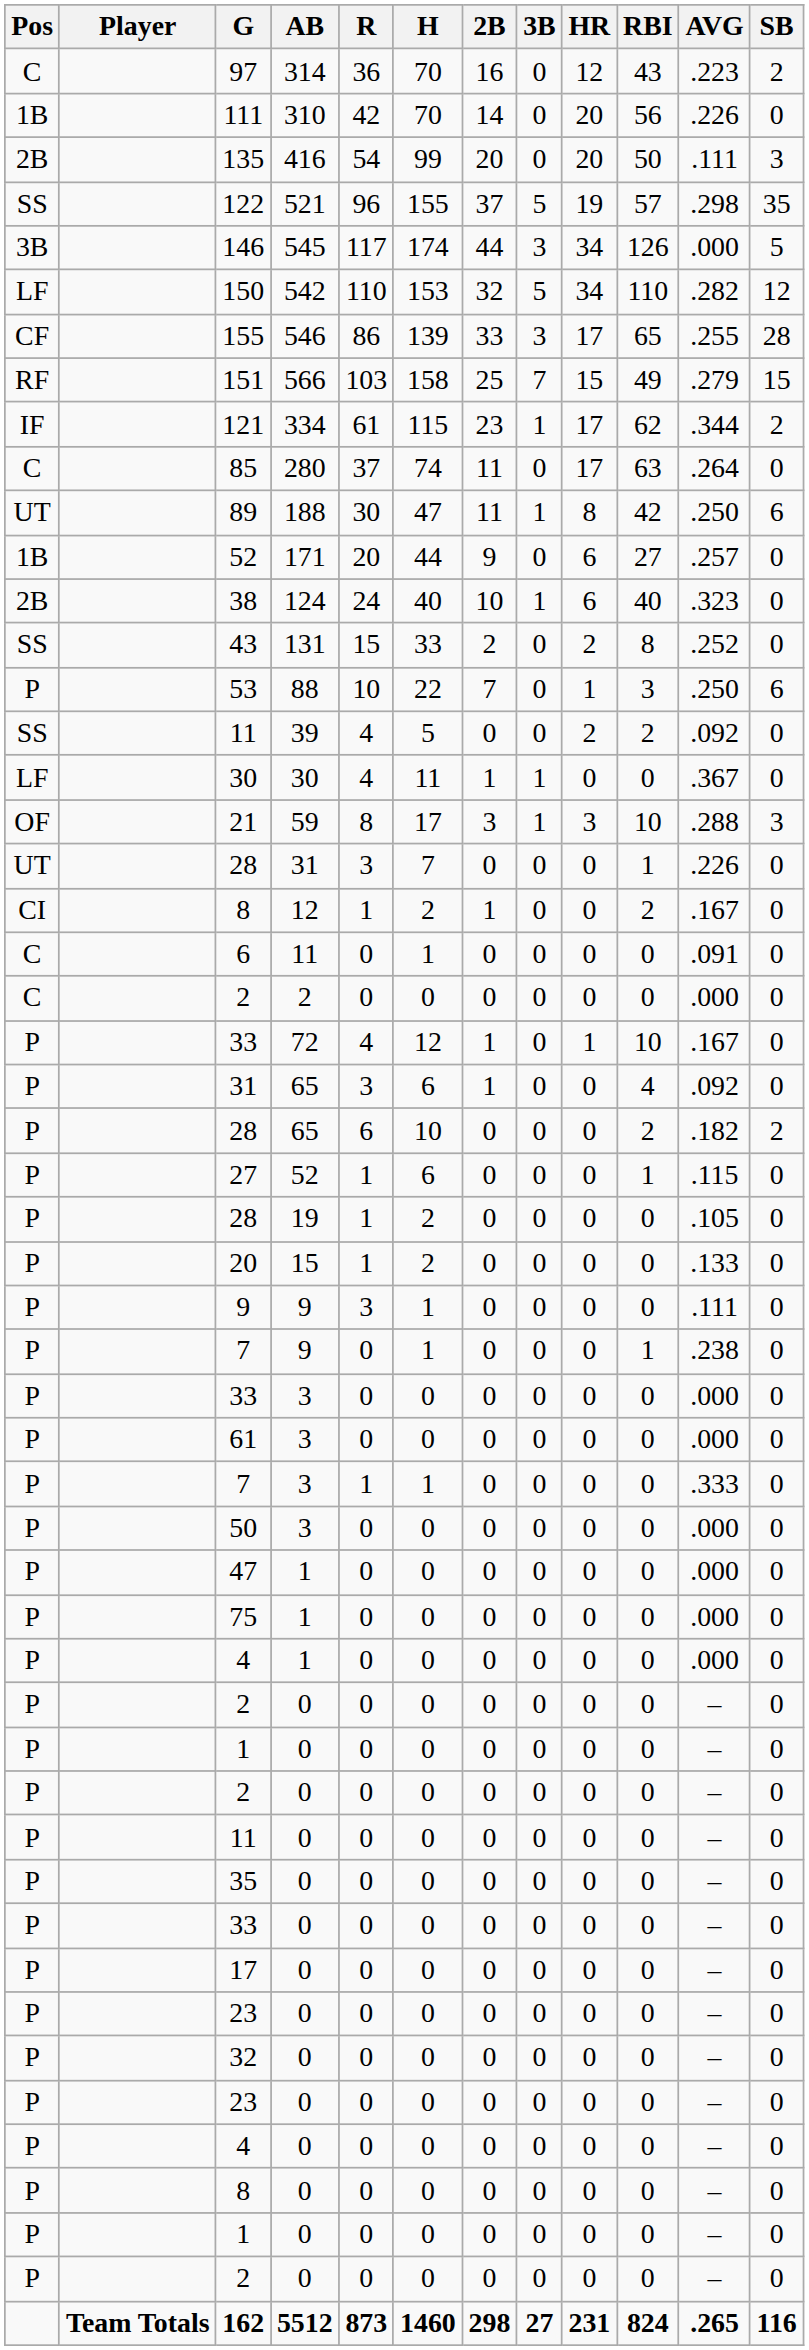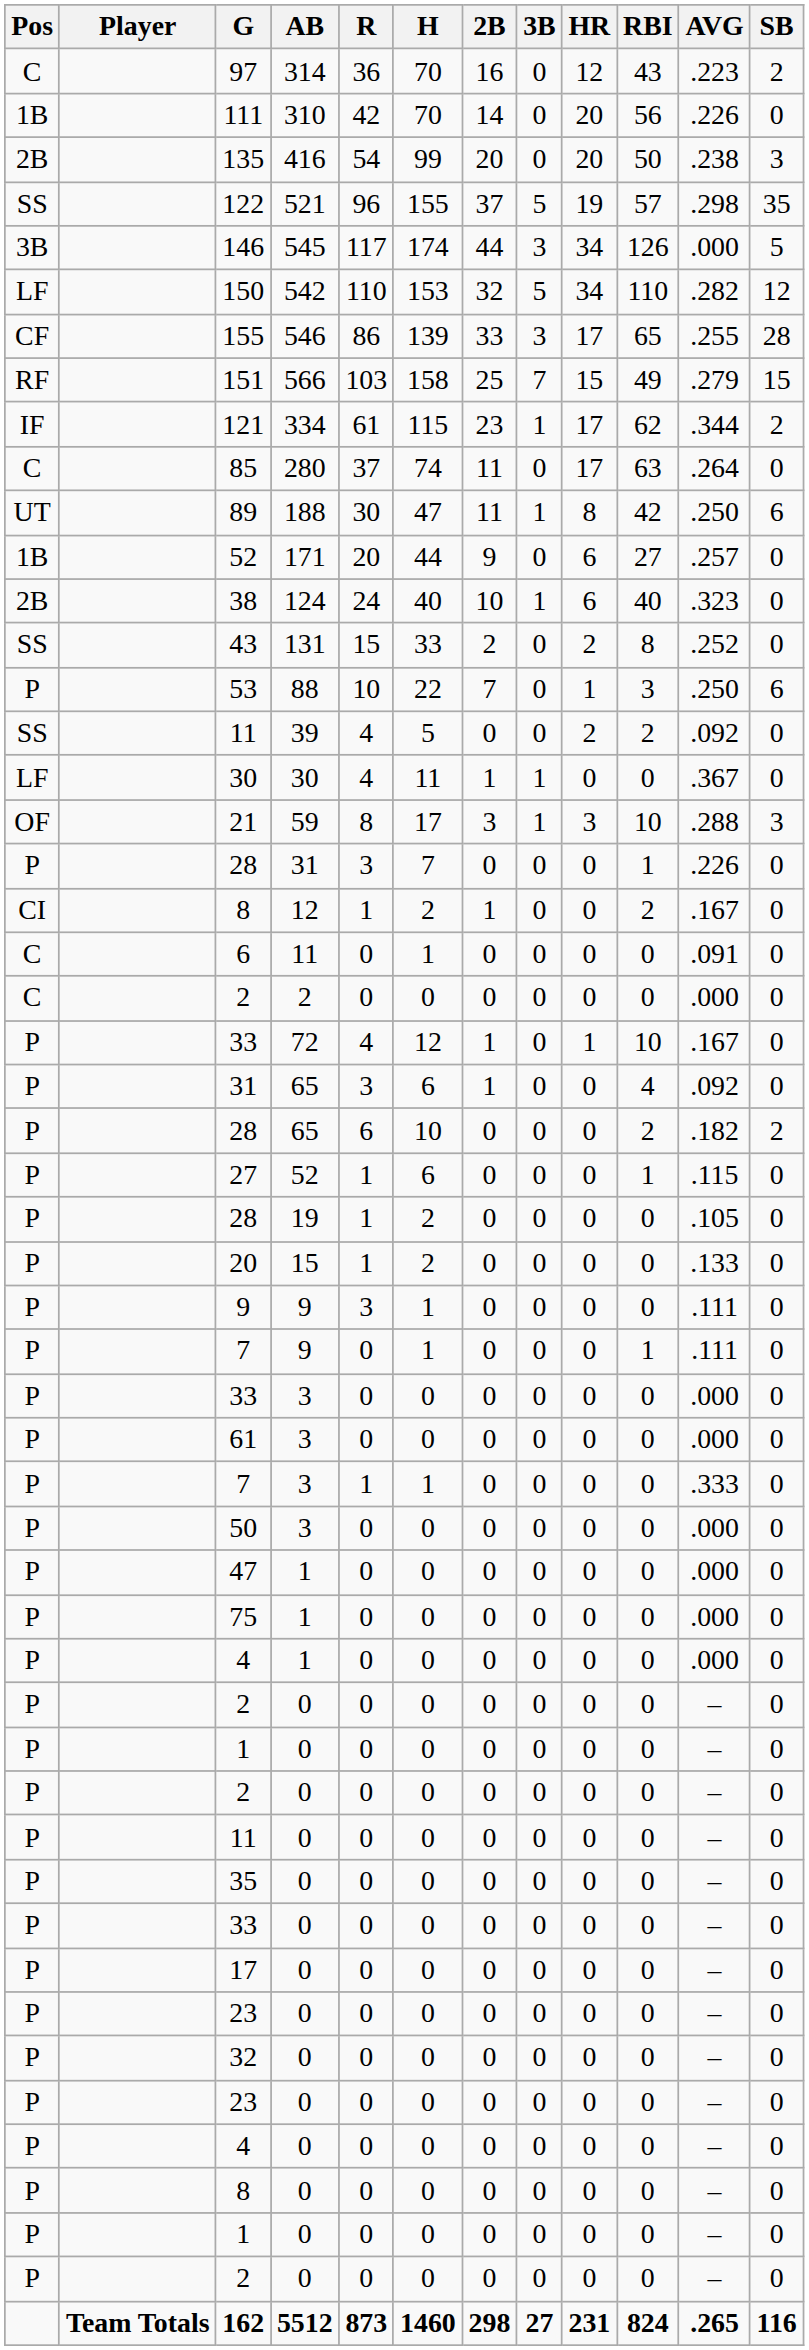 <table class="wikitable sortable">
 <tr>
 <th>Pos</th>
 <th>Player</th>
 <th>G</th>
 <th>AB</th>
 <th>R</th>
 <th>H</th>
 <th>2B</th>
 <th>3B</th>
 <th>HR</th>
 <th>RBI</th>
 <th>AVG</th>
 <th>SB</th>
 </tr>
 <tr align="center">
 <td>C</td>
 <td></td>
 <td>97</td>
 <td>314</td>
 <td>36</td>
 <td>70</td>
 <td>16</td>
 <td>0</td>
 <td>12</td>
 <td>43</td>
 <td>.223</td>
 <td>2</td>
 </tr>
 <tr align="center">
 <td>1B</td>
 <td></td>
 <td>111</td>
 <td>310</td>
 <td>42</td>
 <td>70</td>
 <td>14</td>
 <td>0</td>
 <td>20</td>
 <td>56</td>
 <td>.226</td>
 <td>0</td>
 </tr>
 <tr align="center">
 <td>2B</td>
 <td></td>
 <td>135</td>
 <td>416</td>
 <td>54</td>
 <td>99</td>
 <td>20</td>
 <td>0</td>
 <td>20</td>
 <td>50</td>
-<td>.111</td>
+<td>.238</td>
 <td>3</td>
 </tr>
 <tr align="center">
 <td>SS</td>
 <td></td>
 <td>122</td>
 <td>521</td>
 <td>96</td>
 <td>155</td>
 <td>37</td>
 <td>5</td>
 <td>19</td>
 <td>57</td>
 <td>.298</td>
 <td>35</td>
 </tr>
 <tr align="center">
 <td>3B</td>
 <td></td>
 <td>146</td>
 <td>545</td>
 <td>117</td>
 <td>174</td>
 <td>44</td>
 <td>3</td>
 <td>34</td>
 <td>126</td>
 <td>.000</td>
 <td>5</td>
 </tr>
 <tr align="center">
 <td>LF</td>
 <td></td>
 <td>150</td>
 <td>542</td>
 <td>110</td>
 <td>153</td>
 <td>32</td>
 <td>5</td>
 <td>34</td>
 <td>110</td>
 <td>.282</td>
 <td>12</td>
 </tr>
 <tr align="center">
 <td>CF</td>
 <td></td>
 <td>155</td>
 <td>546</td>
 <td>86</td>
 <td>139</td>
 <td>33</td>
 <td>3</td>
 <td>17</td>
 <td>65</td>
 <td>.255</td>
 <td>28</td>
 </tr>
 <tr align="center">
 <td>RF</td>
 <td></td>
 <td>151</td>
 <td>566</td>
 <td>103</td>
 <td>158</td>
 <td>25</td>
 <td>7</td>
 <td>15</td>
 <td>49</td>
 <td>.279</td>
 <td>15</td>
 </tr>
 <tr align="center">
 <td>IF</td>
 <td></td>
 <td>121</td>
 <td>334</td>
 <td>61</td>
 <td>115</td>
 <td>23</td>
 <td>1</td>
 <td>17</td>
 <td>62</td>
 <td>.344</td>
 <td>2</td>
 </tr>
 <tr align="center">
 <td>C</td>
 <td></td>
 <td>85</td>
 <td>280</td>
 <td>37</td>
 <td>74</td>
 <td>11</td>
 <td>0</td>
 <td>17</td>
 <td>63</td>
 <td>.264</td>
 <td>0</td>
 </tr>
 <tr align="center">
 <td>UT</td>
 <td></td>
 <td>89</td>
 <td>188</td>
 <td>30</td>
 <td>47</td>
 <td>11</td>
 <td>1</td>
 <td>8</td>
 <td>42</td>
 <td>.250</td>
 <td>6</td>
 </tr>
 <tr align="center">
 <td>1B</td>
 <td></td>
 <td>52</td>
 <td>171</td>
 <td>20</td>
 <td>44</td>
 <td>9</td>
 <td>0</td>
 <td>6</td>
 <td>27</td>
 <td>.257</td>
 <td>0</td>
 </tr>
 <tr align="center">
 <td>2B</td>
 <td></td>
 <td>38</td>
 <td>124</td>
 <td>24</td>
 <td>40</td>
 <td>10</td>
 <td>1</td>
 <td>6</td>
 <td>40</td>
 <td>.323</td>
 <td>0</td>
 </tr>
 <tr align="center">
 <td>SS</td>
 <td></td>
 <td>43</td>
 <td>131</td>
 <td>15</td>
 <td>33</td>
 <td>2</td>
 <td>0</td>
 <td>2</td>
 <td>8</td>
 <td>.252</td>
 <td>0</td>
 </tr>
 <tr align="center">
 <td>P</td>
 <td></td>
 <td>53</td>
 <td>88</td>
 <td>10</td>
 <td>22</td>
 <td>7</td>
 <td>0</td>
 <td>1</td>
 <td>3</td>
 <td>.250</td>
 <td>6</td>
 </tr>
 <tr align="center">
 <td>SS</td>
 <td></td>
 <td>11</td>
 <td>39</td>
 <td>4</td>
 <td>5</td>
 <td>0</td>
 <td>0</td>
 <td>2</td>
 <td>2</td>
 <td>.092</td>
 <td>0</td>
 </tr>
 <tr align="center">
 <td>LF</td>
 <td></td>
 <td>30</td>
 <td>30</td>
 <td>4</td>
 <td>11</td>
 <td>1</td>
 <td>1</td>
 <td>0</td>
 <td>0</td>
 <td>.367</td>
 <td>0</td>
 </tr>
 <tr align="center">
 <td>OF</td>
 <td></td>
 <td>21</td>
 <td>59</td>
 <td>8</td>
 <td>17</td>
 <td>3</td>
 <td>1</td>
 <td>3</td>
 <td>10</td>
 <td>.288</td>
 <td>3</td>
 </tr>
 <tr align="center">
-<td>UT</td>
+<td>P</td>
 <td></td>
 <td>28</td>
 <td>31</td>
 <td>3</td>
 <td>7</td>
 <td>0</td>
 <td>0</td>
 <td>0</td>
 <td>1</td>
 <td>.226</td>
 <td>0</td>
 </tr>
 <tr align="center">
 <td>CI</td>
 <td></td>
 <td>8</td>
 <td>12</td>
 <td>1</td>
 <td>2</td>
 <td>1</td>
 <td>0</td>
 <td>0</td>
 <td>2</td>
 <td>.167</td>
 <td>0</td>
 </tr>
 <tr align="center">
 <td>C</td>
 <td></td>
 <td>6</td>
 <td>11</td>
 <td>0</td>
 <td>1</td>
 <td>0</td>
 <td>0</td>
 <td>0</td>
 <td>0</td>
 <td>.091</td>
 <td>0</td>
 </tr>
 <tr align="center">
 <td>C</td>
 <td></td>
 <td>2</td>
 <td>2</td>
 <td>0</td>
 <td>0</td>
 <td>0</td>
 <td>0</td>
 <td>0</td>
 <td>0</td>
 <td>.000</td>
 <td>0</td>
 </tr>
 <tr align="center">
 <td>P</td>
 <td></td>
 <td>33</td>
 <td>72</td>
 <td>4</td>
 <td>12</td>
 <td>1</td>
 <td>0</td>
 <td>1</td>
 <td>10</td>
 <td>.167</td>
 <td>0</td>
 </tr>
 <tr align="center">
 <td>P</td>
 <td></td>
 <td>31</td>
 <td>65</td>
 <td>3</td>
 <td>6</td>
 <td>1</td>
 <td>0</td>
 <td>0</td>
 <td>4</td>
 <td>.092</td>
 <td>0</td>
 </tr>
 <tr align="center">
 <td>P</td>
 <td></td>
 <td>28</td>
 <td>65</td>
 <td>6</td>
 <td>10</td>
 <td>0</td>
 <td>0</td>
 <td>0</td>
 <td>2</td>
 <td>.182</td>
 <td>2</td>
 </tr>
 <tr align="center">
 <td>P</td>
 <td></td>
 <td>27</td>
 <td>52</td>
 <td>1</td>
 <td>6</td>
 <td>0</td>
 <td>0</td>
 <td>0</td>
 <td>1</td>
 <td>.115</td>
 <td>0</td>
 </tr>
 <tr align="center">
 <td>P</td>
 <td></td>
 <td>28</td>
 <td>19</td>
 <td>1</td>
 <td>2</td>
 <td>0</td>
 <td>0</td>
 <td>0</td>
 <td>0</td>
 <td>.105</td>
 <td>0</td>
 </tr>
 <tr align="center">
 <td>P</td>
 <td></td>
 <td>20</td>
 <td>15</td>
 <td>1</td>
 <td>2</td>
 <td>0</td>
 <td>0</td>
 <td>0</td>
 <td>0</td>
 <td>.133</td>
 <td>0</td>
 </tr>
 <tr align="center">
 <td>P</td>
 <td></td>
 <td>9</td>
 <td>9</td>
 <td>3</td>
 <td>1</td>
 <td>0</td>
 <td>0</td>
 <td>0</td>
 <td>0</td>
 <td>.111</td>
 <td>0</td>
 </tr>
 <tr align="center">
 <td>P</td>
 <td></td>
 <td>7</td>
 <td>9</td>
 <td>0</td>
 <td>1</td>
 <td>0</td>
 <td>0</td>
 <td>0</td>
 <td>1</td>
-<td>.238</td>
+<td>.111</td>
 <td>0</td>
 </tr>
 <tr align="center">
 <td>P</td>
 <td></td>
 <td>33</td>
 <td>3</td>
 <td>0</td>
 <td>0</td>
 <td>0</td>
 <td>0</td>
 <td>0</td>
 <td>0</td>
 <td>.000</td>
 <td>0</td>
 </tr>
 <tr align="center">
 <td>P</td>
 <td></td>
 <td>61</td>
 <td>3</td>
 <td>0</td>
 <td>0</td>
 <td>0</td>
 <td>0</td>
 <td>0</td>
 <td>0</td>
 <td>.000</td>
 <td>0</td>
 </tr>
 <tr align="center">
 <td>P</td>
 <td></td>
 <td>7</td>
 <td>3</td>
 <td>1</td>
 <td>1</td>
 <td>0</td>
 <td>0</td>
 <td>0</td>
 <td>0</td>
 <td>.333</td>
 <td>0</td>
 </tr>
 <tr align="center">
 <td>P</td>
 <td></td>
 <td>50</td>
 <td>3</td>
 <td>0</td>
 <td>0</td>
 <td>0</td>
 <td>0</td>
 <td>0</td>
 <td>0</td>
 <td>.000</td>
 <td>0</td>
 </tr>
 <tr align="center">
 <td>P</td>
 <td></td>
 <td>47</td>
 <td>1</td>
 <td>0</td>
 <td>0</td>
 <td>0</td>
 <td>0</td>
 <td>0</td>
 <td>0</td>
 <td>.000</td>
 <td>0</td>
 </tr>
 <tr align="center">
 <td>P</td>
 <td></td>
 <td>75</td>
 <td>1</td>
 <td>0</td>
 <td>0</td>
 <td>0</td>
 <td>0</td>
 <td>0</td>
 <td>0</td>
 <td>.000</td>
 <td>0</td>
 </tr>
 <tr align="center">
 <td>P</td>
 <td></td>
 <td>4</td>
 <td>1</td>
 <td>0</td>
 <td>0</td>
 <td>0</td>
 <td>0</td>
 <td>0</td>
 <td>0</td>
 <td>.000</td>
 <td>0</td>
 </tr>
 <tr align="center">
 <td>P</td>
 <td></td>
 <td>2</td>
 <td>0</td>
 <td>0</td>
 <td>0</td>
 <td>0</td>
 <td>0</td>
 <td>0</td>
 <td>0</td>
 <td>–</td>
 <td>0</td>
 </tr>
 <tr align="center">
 <td>P</td>
 <td></td>
 <td>1</td>
 <td>0</td>
 <td>0</td>
 <td>0</td>
 <td>0</td>
 <td>0</td>
 <td>0</td>
 <td>0</td>
 <td>–</td>
 <td>0</td>
 </tr>
 <tr align="center">
 <td>P</td>
 <td></td>
 <td>2</td>
 <td>0</td>
 <td>0</td>
 <td>0</td>
 <td>0</td>
 <td>0</td>
 <td>0</td>
 <td>0</td>
 <td>–</td>
 <td>0</td>
 </tr>
 <tr align="center">
 <td>P</td>
 <td></td>
 <td>11</td>
 <td>0</td>
 <td>0</td>
 <td>0</td>
 <td>0</td>
 <td>0</td>
 <td>0</td>
 <td>0</td>
 <td>–</td>
 <td>0</td>
 </tr>
 <tr align="center">
 <td>P</td>
 <td></td>
 <td>35</td>
 <td>0</td>
 <td>0</td>
 <td>0</td>
 <td>0</td>
 <td>0</td>
 <td>0</td>
 <td>0</td>
 <td>–</td>
 <td>0</td>
 </tr>
 <tr align="center">
 <td>P</td>
 <td></td>
 <td>33</td>
 <td>0</td>
 <td>0</td>
 <td>0</td>
 <td>0</td>
 <td>0</td>
 <td>0</td>
 <td>0</td>
 <td>–</td>
 <td>0</td>
 </tr>
 <tr align="center">
 <td>P</td>
 <td></td>
 <td>17</td>
 <td>0</td>
 <td>0</td>
 <td>0</td>
 <td>0</td>
 <td>0</td>
 <td>0</td>
 <td>0</td>
 <td>–</td>
 <td>0</td>
 </tr>
 <tr align="center">
 <td>P</td>
 <td></td>
 <td>23</td>
 <td>0</td>
 <td>0</td>
 <td>0</td>
 <td>0</td>
 <td>0</td>
 <td>0</td>
 <td>0</td>
 <td>–</td>
 <td>0</td>
 </tr>
 <tr align="center">
 <td>P</td>
 <td></td>
 <td>32</td>
 <td>0</td>
 <td>0</td>
 <td>0</td>
 <td>0</td>
 <td>0</td>
 <td>0</td>
 <td>0</td>
 <td>–</td>
 <td>0</td>
 </tr>
 <tr align="center">
 <td>P</td>
 <td></td>
 <td>23</td>
 <td>0</td>
 <td>0</td>
 <td>0</td>
 <td>0</td>
 <td>0</td>
 <td>0</td>
 <td>0</td>
 <td>–</td>
 <td>0</td>
 </tr>
 <tr align="center">
 <td>P</td>
 <td></td>
 <td>4</td>
 <td>0</td>
 <td>0</td>
 <td>0</td>
 <td>0</td>
 <td>0</td>
 <td>0</td>
 <td>0</td>
 <td>–</td>
 <td>0</td>
 </tr>
 <tr align="center">
 <td>P</td>
 <td></td>
 <td>8</td>
 <td>0</td>
 <td>0</td>
 <td>0</td>
 <td>0</td>
 <td>0</td>
 <td>0</td>
 <td>0</td>
 <td>–</td>
 <td>0</td>
 </tr>
 <tr align="center">
 <td>P</td>
 <td></td>
 <td>1</td>
 <td>0</td>
 <td>0</td>
 <td>0</td>
 <td>0</td>
 <td>0</td>
 <td>0</td>
 <td>0</td>
 <td>–</td>
 <td>0</td>
 </tr>
 <tr align="center">
 <td>P</td>
 <td></td>
 <td>2</td>
 <td>0</td>
 <td>0</td>
 <td>0</td>
 <td>0</td>
 <td>0</td>
 <td>0</td>
 <td>0</td>
 <td>–</td>
 <td>0</td>
 </tr>
 <tr align="center" class="unsortable">
 <td></td>
 <td><strong>Team Totals</strong></td>
 <td><strong>162</strong></td>
 <td><strong>5512</strong></td>
 <td><strong>873</strong></td>
 <td><strong>1460</strong></td>
 <td><strong>298</strong></td>
 <td><strong>27</strong></td>
 <td><strong>231</strong></td>
 <td><strong>824</strong></td>
 <td><strong>.265</strong></td>
 <td><strong>116</strong></td>
 </tr>
 </table>
